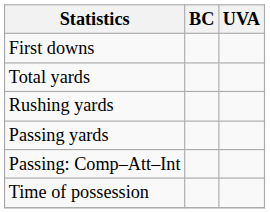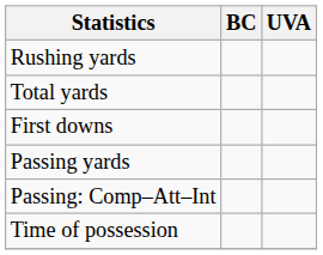 <table class="wikitable" style="float: left;">
 <tr>
 <th>Statistics</th>
 <th>BC</th>
 <th>UVA</th>
 </tr>
 <tr>
-<td>First downs</td>
+<td>Rushing yards</td>
 <td></td>
 <td></td>
 </tr>
 <tr>
 <td>Total yards</td>
 <td></td>
 <td></td>
 </tr>
 <tr>
-<td>Rushing yards</td>
+<td>First downs</td>
 <td></td>
 <td></td>
 </tr>
 <tr>
 <td>Passing yards</td>
 <td></td>
 <td></td>
 </tr>
 <tr>
 <td>Passing: Comp–Att–Int</td>
 <td></td>
 <td></td>
 </tr>
 <tr>
 <td>Time of possession</td>
 <td></td>
 <td></td>
 </tr>
 <tr>
 </tr>
 </table>
